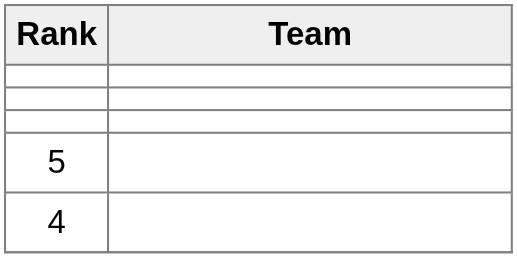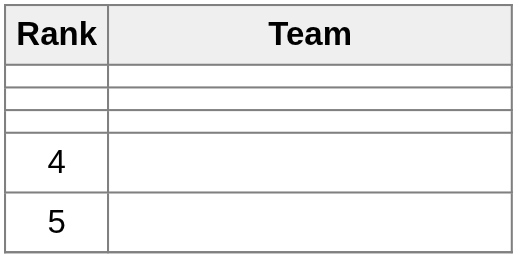 <table style=border-collapse:collapse border=1 cellspacing=1 cellpadding=5>
 <tr align=center bgcolor=#efefef>
 <th width=35>Rank</th>
 <th width=185>Team</th>
 </tr>
 <tr align=center>
 <td></td>
 <td style="text-align:left;"></td>
 </tr>
 <tr align=center>
 <td></td>
 <td style="text-align:left;"></td>
 </tr>
 <tr align=center>
 <td></td>
 <td style="text-align:left;"></td>
 </tr>
 <tr align=center>
-<td>5</td>
+<td>4</td>
 <td style="text-align:left;"></td>
 </tr>
 <tr align=center>
-<td>4</td>
+<td>5</td>
 <td style="text-align:left;"></td>
 </tr>
 <tr align=center>
 </tr>
 </table>
